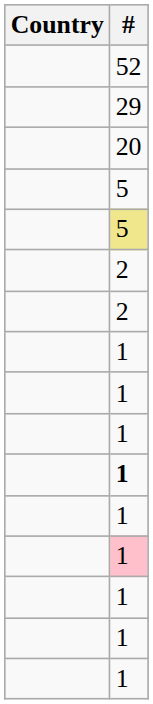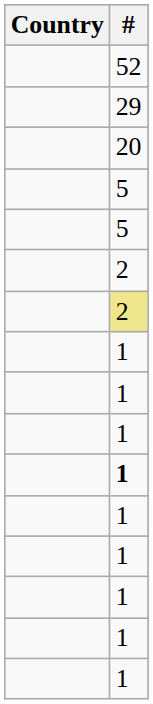 <table class="wikitable sortable">
 <tr>
 <th>Country</th>
 <th>#</th>
 </tr>
 <tr>
 <td></td>
 <td>52</td>
 </tr>
 <tr>
 <td></td>
 <td>29</td>
 </tr>
 <tr>
 <td></td>
 <td>20</td>
 </tr>
 <tr>
 <td></td>
 <td>5</td>
 </tr>
 <tr>
 <td></td>
-<td style="background: khaki;">5</td>
+<td>5</td>
 </tr>
 <tr>
 <td></td>
 <td>2</td>
 </tr>
 <tr>
 <td></td>
-<td>2</td>
+<td style="background: khaki;">2</td>
 </tr>
 <tr>
 <td></td>
 <td>1</td>
 </tr>
 <tr>
 <td></td>
 <td>1</td>
 </tr>
 <tr>
 <td></td>
 <td>1</td>
 </tr>
 <tr>
 <td></td>
 <td><strong>1</strong></td>
 </tr>
 <tr>
 <td></td>
 <td>1</td>
 </tr>
 <tr>
 <td></td>
-<td style="background: pink;">1</td>
+<td>1</td>
 </tr>
 <tr>
 <td></td>
 <td>1</td>
 </tr>
 <tr>
 <td></td>
 <td>1</td>
 </tr>
 <tr>
 <td></td>
 <td>1</td>
 </tr>
 </table>
